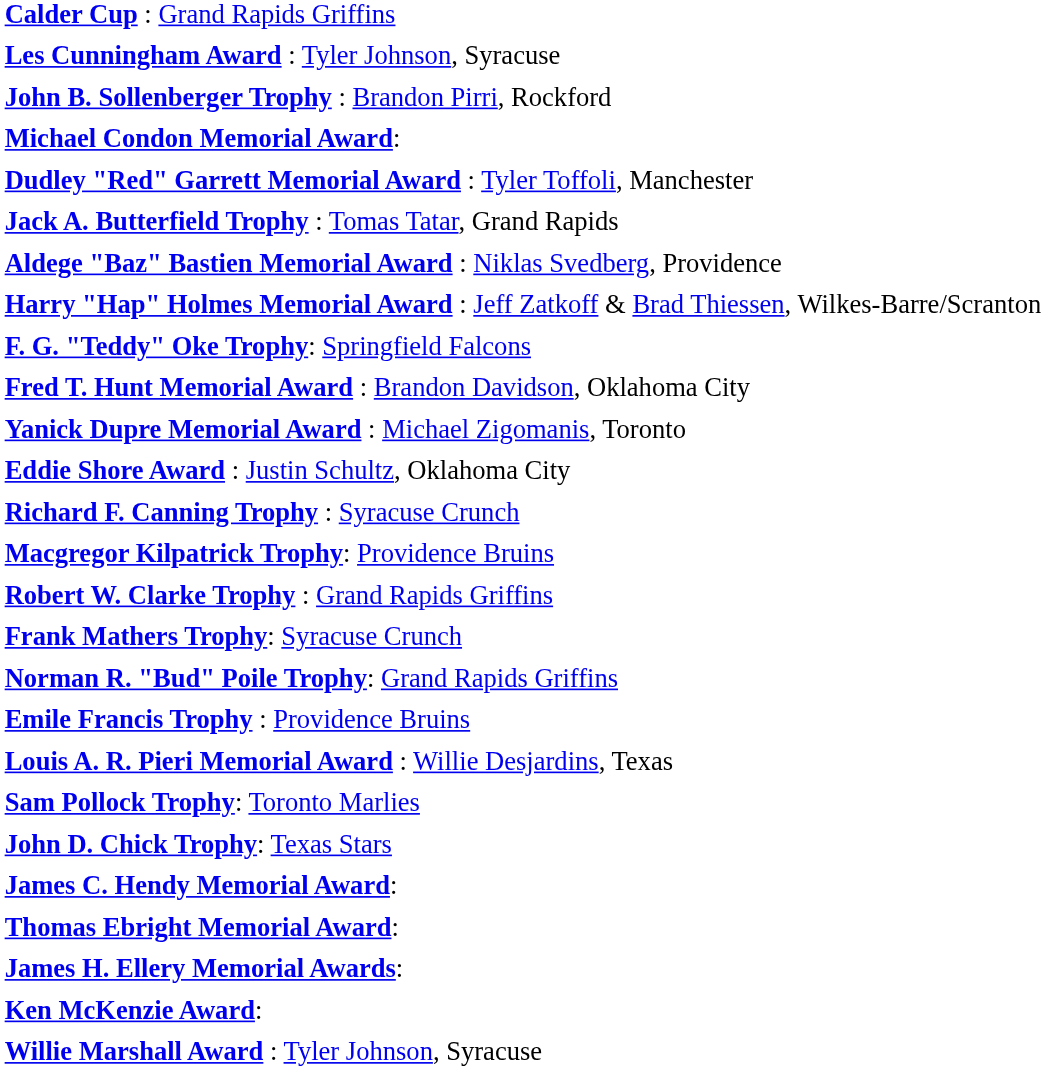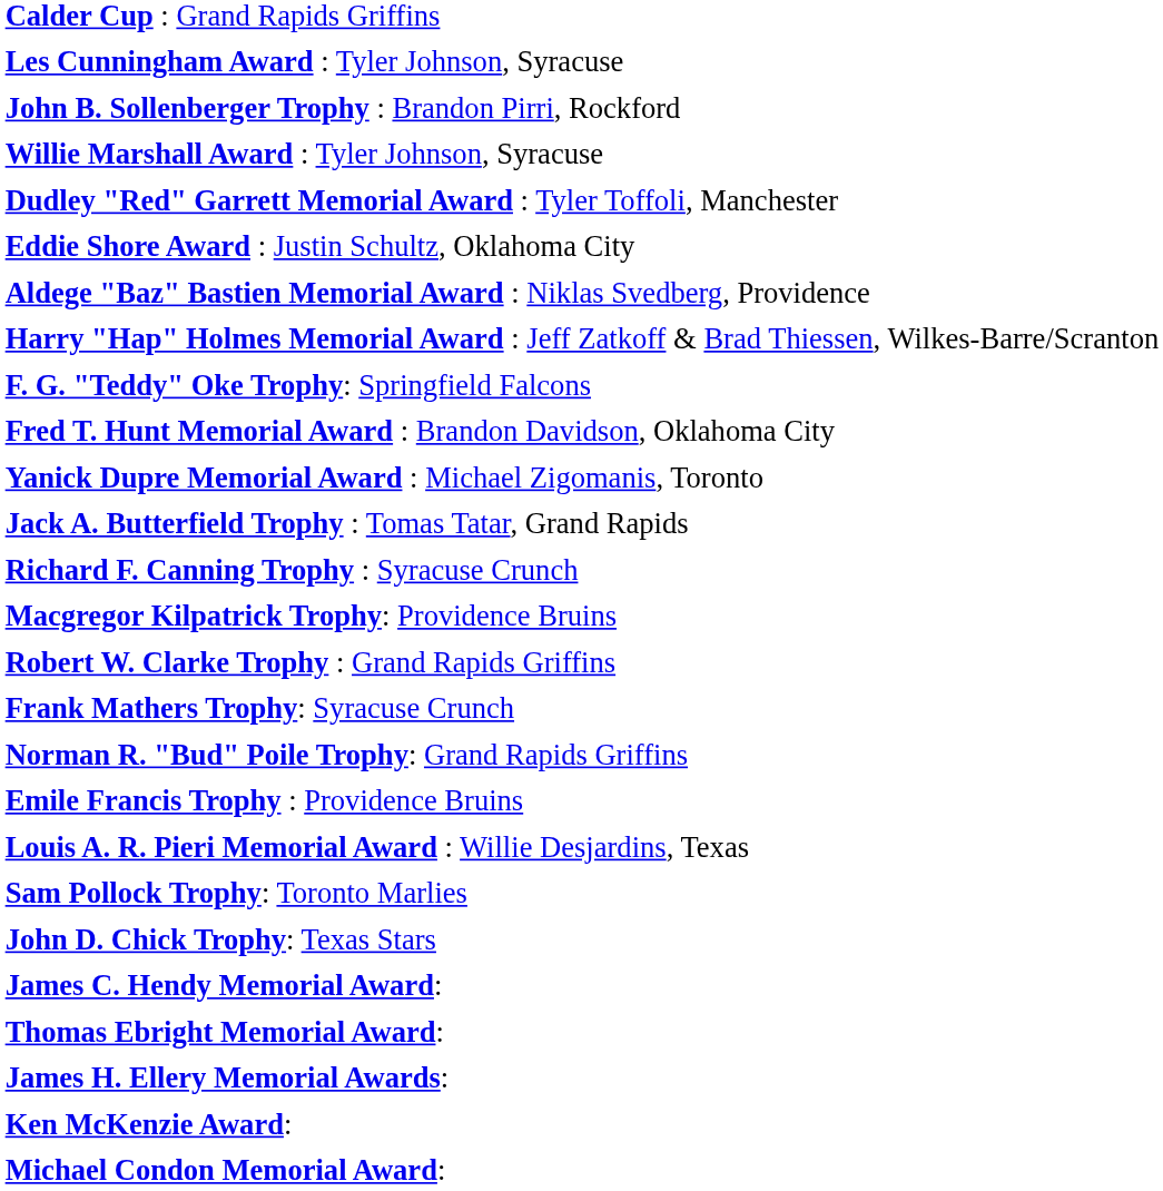 <table cellpadding="3" cellspacing="1">
 <tr>
 <td><strong><a href='#'>Calder Cup</a> </strong>: <a href='#'>Grand Rapids Griffins</a></td>
 </tr>
 <tr>
 <td><strong><a href='#'>Les Cunningham Award</a> </strong>: <a href='#'>Tyler Johnson</a>, Syracuse</td>
 </tr>
 <tr>
 <td><strong><a href='#'>John B. Sollenberger Trophy</a> </strong>: <a href='#'>Brandon Pirri</a>, Rockford</td>
 </tr>
 <tr>
-<td><strong><a href='#'>Michael Condon Memorial Award</a></strong>:</td>
+<td><strong><a href='#'>Willie Marshall Award</a> </strong>: <a href='#'>Tyler Johnson</a>, Syracuse</td>
 </tr>
 <tr>
 <td><strong><a href='#'>Dudley "Red" Garrett Memorial Award</a> </strong>: <a href='#'>Tyler Toffoli</a>, Manchester</td>
 </tr>
 <tr>
-<td><strong><a href='#'>Jack A. Butterfield Trophy</a> </strong>: <a href='#'>Tomas Tatar</a>, Grand Rapids</td>
+<td><strong><a href='#'>Eddie Shore Award</a> </strong>: <a href='#'>Justin Schultz</a>, Oklahoma City</td>
 </tr>
 <tr>
 <td><strong><a href='#'>Aldege "Baz" Bastien Memorial Award</a> </strong>: <a href='#'>Niklas Svedberg</a>, Providence</td>
 </tr>
 <tr>
 <td><strong><a href='#'>Harry "Hap" Holmes Memorial Award</a> </strong>: <a href='#'>Jeff Zatkoff</a> & <a href='#'>Brad Thiessen</a>, Wilkes-Barre/Scranton</td>
 </tr>
 <tr>
 <td><strong><a href='#'>F. G. "Teddy" Oke Trophy</a></strong>: <a href='#'>Springfield Falcons</a></td>
 </tr>
 <tr>
 <td><strong><a href='#'>Fred T. Hunt Memorial Award</a> </strong>: <a href='#'>Brandon Davidson</a>, Oklahoma City</td>
 </tr>
 <tr>
 <td><strong><a href='#'>Yanick Dupre Memorial Award</a> </strong>: <a href='#'>Michael Zigomanis</a>, Toronto</td>
 </tr>
 <tr>
-<td><strong><a href='#'>Eddie Shore Award</a> </strong>: <a href='#'>Justin Schultz</a>, Oklahoma City</td>
+<td><strong><a href='#'>Jack A. Butterfield Trophy</a> </strong>: <a href='#'>Tomas Tatar</a>, Grand Rapids</td>
 </tr>
 <tr>
 <td><strong><a href='#'>Richard F. Canning Trophy</a> </strong>: <a href='#'>Syracuse Crunch</a></td>
 </tr>
 <tr>
 <td><strong><a href='#'>Macgregor Kilpatrick Trophy</a></strong>: <a href='#'>Providence Bruins</a></td>
 </tr>
 <tr>
 <td><strong><a href='#'>Robert W. Clarke Trophy</a> </strong>: <a href='#'>Grand Rapids Griffins</a></td>
 </tr>
 <tr>
 <td><strong><a href='#'>Frank Mathers Trophy</a></strong>: <a href='#'>Syracuse Crunch</a></td>
 </tr>
 <tr>
 <td><strong><a href='#'>Norman R. "Bud" Poile Trophy</a></strong>: <a href='#'>Grand Rapids Griffins</a></td>
 </tr>
 <tr>
 <td><strong><a href='#'>Emile Francis Trophy</a> </strong>: <a href='#'>Providence Bruins</a></td>
 </tr>
 <tr>
 <td><strong><a href='#'>Louis A. R. Pieri Memorial Award</a> </strong>: <a href='#'>Willie Desjardins</a>, Texas</td>
 </tr>
 <tr>
 <td><strong><a href='#'>Sam Pollock Trophy</a></strong>: <a href='#'>Toronto Marlies</a></td>
 </tr>
 <tr>
 <td><strong><a href='#'>John D. Chick Trophy</a></strong>: <a href='#'>Texas Stars</a></td>
 </tr>
 <tr>
 <td><strong><a href='#'>James C. Hendy Memorial Award</a></strong>:</td>
 </tr>
 <tr>
 <td><strong><a href='#'>Thomas Ebright Memorial Award</a></strong>:</td>
 </tr>
 <tr>
 <td><strong><a href='#'>James H. Ellery Memorial Awards</a></strong>:</td>
 </tr>
 <tr>
 <td><strong><a href='#'>Ken McKenzie Award</a></strong>:</td>
 </tr>
 <tr>
-<td><strong><a href='#'>Willie Marshall Award</a> </strong>: <a href='#'>Tyler Johnson</a>, Syracuse</td>
+<td><strong><a href='#'>Michael Condon Memorial Award</a></strong>:</td>
 </tr>
 </table>
